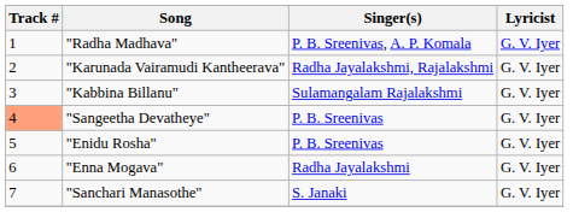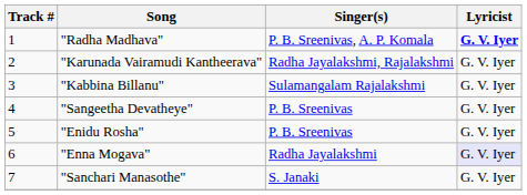 <table class="wikitable" style="font-size:95%;">
 <tr>
 <th>Track #</th>
 <th>Song</th>
 <th>Singer(s)</th>
 <th>Lyricist</th>
 </tr>
 <tr>
 <td>1</td>
 <td>"Radha Madhava"</td>
 <td><a href='#'>P. B. Sreenivas</a>, <a href='#'>A. P. Komala</a></td>
-<td><a href='#'>G. V. Iyer</a></td>
+<td><strong><a href='#'>G. V. Iyer</a></strong></td>
 </tr>
 <tr>
 <td>2</td>
 <td>"Karunada Vairamudi Kantheerava"</td>
 <td><a href='#'>Radha Jayalakshmi, Rajalakshmi</a></td>
 <td>G. V. Iyer</td>
 </tr>
 <tr>
 <td>3</td>
 <td>"Kabbina Billanu"</td>
 <td><a href='#'>Sulamangalam Rajalakshmi</a></td>
 <td>G. V. Iyer</td>
 </tr>
 <tr>
-<td style="background: lightsalmon;">4</td>
+<td>4</td>
 <td>"Sangeetha Devatheye"</td>
 <td><a href='#'>P. B. Sreenivas</a></td>
 <td>G. V. Iyer</td>
 </tr>
 <tr>
 <td>5</td>
 <td>"Enidu Rosha"</td>
 <td><a href='#'>P. B. Sreenivas</a></td>
 <td>G. V. Iyer</td>
 </tr>
 <tr>
 <td>6</td>
 <td>"Enna Mogava"</td>
 <td><a href='#'>Radha Jayalakshmi</a></td>
-<td>G. V. Iyer</td>
+<td style="background: lavender;">G. V. Iyer</td>
 </tr>
 <tr>
 <td>7</td>
 <td>"Sanchari Manasothe"</td>
 <td><a href='#'>S. Janaki</a></td>
 <td>G. V. Iyer</td>
 </tr>
 <tr>
 </tr>
 </table>
